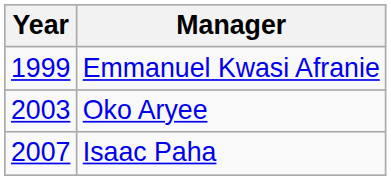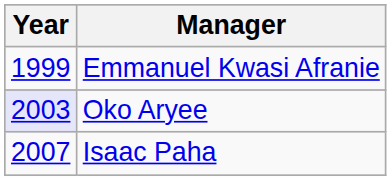 <table class="wikitable">
 <tr>
 <th>Year</th>
 <th>Manager</th>
 </tr>
 <tr>
 <td align=center><a href='#'>1999</a></td>
 <td> <a href='#'>Emmanuel Kwasi Afranie</a></td>
 </tr>
 <tr>
-<td align=center><a href='#'>2003</a></td>
+<td align=center style="background: lavender;"><a href='#'>2003</a></td>
 <td> <a href='#'>Oko Aryee</a></td>
 </tr>
 <tr>
 <td align=center><a href='#'>2007</a></td>
 <td> <a href='#'>Isaac Paha</a></td>
 </tr>
 </table>
